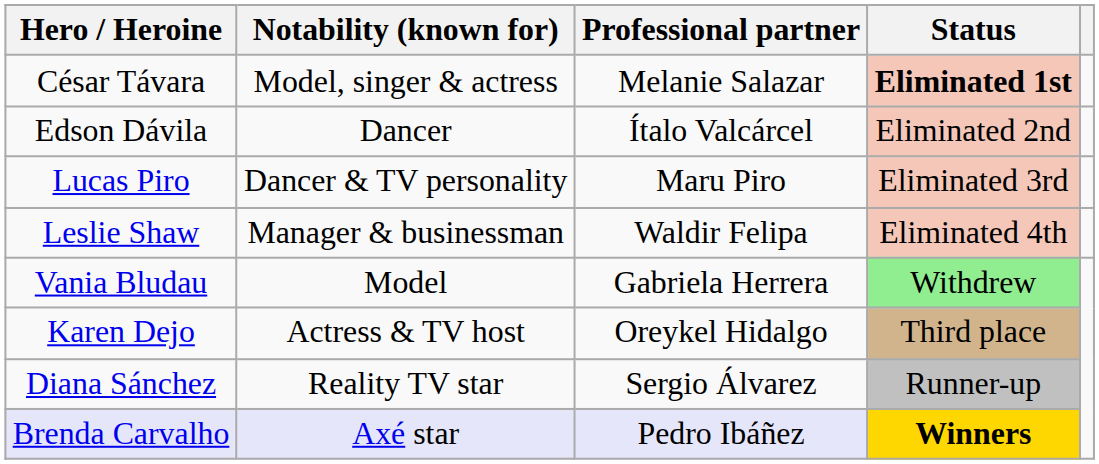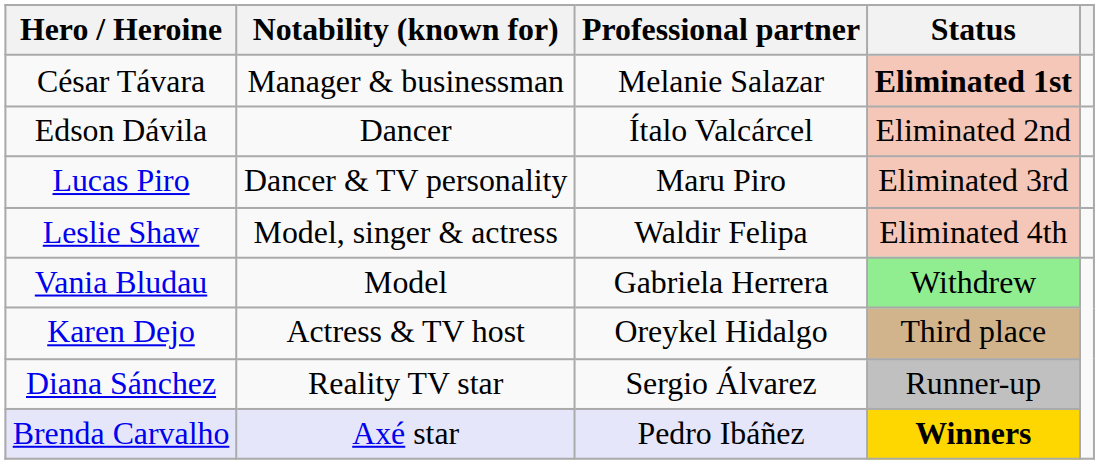 <table class= "wikitable sortable" style="text-align: center; margin:auto; align: center">
 <tr>
 <th>Hero / Heroine</th>
 <th>Notability (known for)</th>
 <th>Professional partner</th>
 <th>Status</th>
 <th class="unsortable"></th>
 </tr>
 <tr>
 <td>César Távara</td>
-<td>Model, singer & actress</td>
+<td>Manager & businessman</td>
 <td>Melanie Salazar</td>
 <td style="background:#f4c7b8;"><strong>Eliminated 1st<br></strong></td>
 <td></td>
 </tr>
 <tr>
 <td>Edson Dávila</td>
 <td>Dancer</td>
 <td>Ítalo Valcárcel<br></td>
 <td style="background:#f4c7b8;">Eliminated 2nd<br></td>
 <td></td>
 </tr>
 <tr>
 <td><a href='#'>Lucas Piro</a></td>
 <td>Dancer & TV personality</td>
 <td>Maru Piro<br></td>
 <td style="background:#f4c7b8;">Eliminated 3rd<br></td>
 <td></td>
 </tr>
 <tr>
 <td><a href='#'>Leslie Shaw</a></td>
-<td>Manager & businessman</td>
+<td>Model, singer & actress</td>
 <td>Waldir Felipa<br></td>
 <td style="background:#f4c7b8;">Eliminated 4th<br></td>
 <td></td>
 </tr>
 <tr>
 <td><a href='#'>Vania Bludau</a></td>
 <td>Model</td>
 <td>Gabriela Herrera<br></td>
 <td style="background:lightgreen;">Withdrew<br></td>
 <td rowspan="4"></td>
 </tr>
 <tr>
 <td><a href='#'>Karen Dejo</a></td>
 <td>Actress & TV host</td>
 <td>Oreykel Hidalgo<br></td>
 <td style="background:tan;">Third place<br></td>
 </tr>
 <tr>
 <td><a href='#'>Diana Sánchez</a></td>
 <td>Reality TV star</td>
 <td>Sergio Álvarez<br></td>
 <td style="background:silver;">Runner-up<br></td>
 </tr>
 <tr>
 <td style="background:lavender;"><a href='#'>Brenda Carvalho</a></td>
 <td style="background:lavender;"><a href='#'>Axé</a> star</td>
 <td style="background:lavender;">Pedro Ibáñez<br></td>
 <td style="background:gold;"><strong>Winners</strong><br></td>
 </tr>
 </table>
